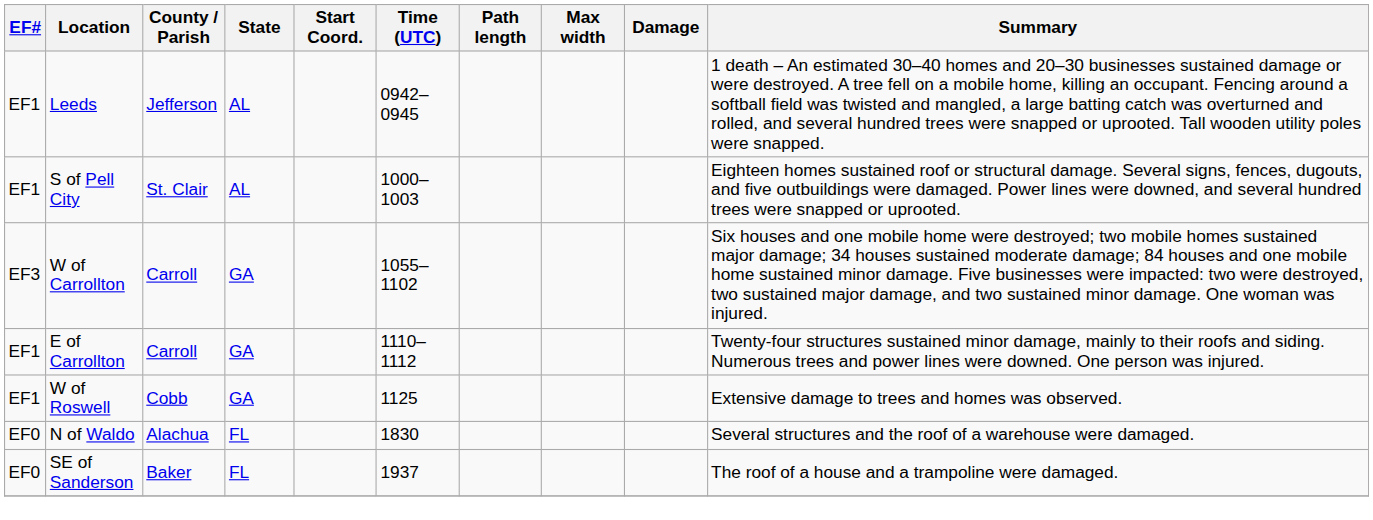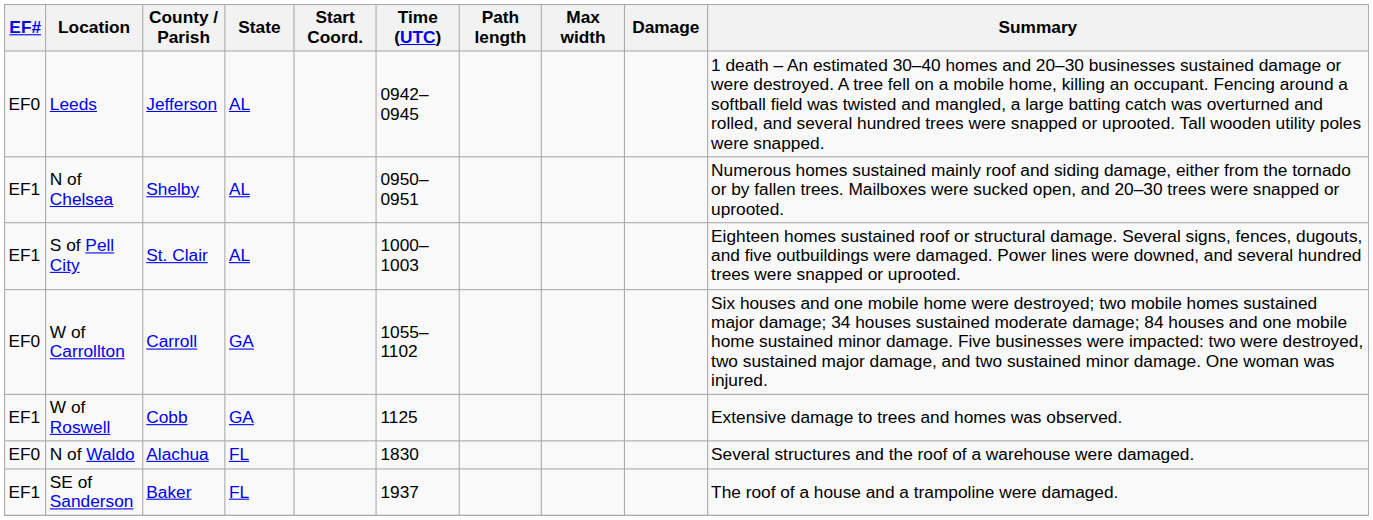 <table class="wikitable sortable" style="width:100%;">
 <tr>
 <th scope="col" width="3%" align="center"><a href='#'>EF#</a></th>
 <th scope="col" width="7%" align="center" class="unsortable">Location</th>
 <th scope="col" width="6%" align="center" class="unsortable">County / Parish</th>
 <th scope="col" width="5%" align="center">State</th>
 <th scope="col" width="6%" align="center">Start Coord.</th>
 <th scope="col" width="6%" align="center">Time (<a href='#'>UTC</a>)</th>
 <th scope="col" width="6%" align="center">Path length</th>
 <th scope="col" width="6%" align="center">Max width</th>
 <th scope="col" width="6%" align="center">Damage</th>
 <th scope="col" width="48%" class="unsortable" align="center">Summary</th>
 </tr>
 <tr>
-<td>EF1</td>
+<td>EF0</td>
 <td><a href='#'>Leeds</a></td>
 <td><a href='#'>Jefferson</a></td>
 <td><a href='#'>AL</a></td>
 <td></td>
 <td>0942–0945</td>
 <td></td>
 <td></td>
 <td></td>
 <td>1 death – An estimated 30–40 homes and 20–30 businesses sustained damage or were destroyed. A tree fell on a mobile home, killing an occupant. Fencing around a softball field was twisted and mangled, a large batting catch was overturned and rolled, and several hundred trees were snapped or uprooted. Tall wooden utility poles were snapped.</td>
+</tr>
+<tr>
+<td>EF1</td>
+<td>N of <a href='#'>Chelsea</a></td>
+<td><a href='#'>Shelby</a></td>
+<td><a href='#'>AL</a></td>
+<td></td>
+<td>0950–0951</td>
+<td></td>
+<td></td>
+<td></td>
+<td>Numerous homes sustained mainly roof and siding damage, either from the tornado or by fallen trees. Mailboxes were sucked open, and 20–30 trees were snapped or uprooted.</td>
 </tr>
 <tr>
 <td>EF1</td>
 <td>S of <a href='#'>Pell City</a></td>
 <td><a href='#'>St. Clair</a></td>
 <td><a href='#'>AL</a></td>
 <td></td>
 <td>1000–1003</td>
 <td></td>
 <td></td>
 <td></td>
 <td>Eighteen homes sustained roof or structural damage. Several signs, fences, dugouts, and five outbuildings were damaged. Power lines were downed, and several hundred trees were snapped or uprooted.</td>
 </tr>
 <tr>
-<td>EF3</td>
+<td>EF0</td>
 <td>W of <a href='#'>Carrollton</a></td>
 <td><a href='#'>Carroll</a></td>
 <td><a href='#'>GA</a></td>
 <td></td>
 <td>1055–1102</td>
 <td></td>
 <td></td>
 <td></td>
 <td>Six houses and one mobile home were destroyed; two mobile homes sustained major damage; 34 houses sustained moderate damage; 84 houses and one mobile home sustained minor damage. Five businesses were impacted: two were destroyed, two sustained major damage, and two sustained minor damage. One woman was injured.</td>
-</tr>
-<tr>
-<td>EF1</td>
-<td>E of <a href='#'>Carrollton</a></td>
-<td><a href='#'>Carroll</a></td>
-<td><a href='#'>GA</a></td>
-<td></td>
-<td>1110–1112</td>
-<td></td>
-<td></td>
-<td></td>
-<td>Twenty-four structures sustained minor damage, mainly to their roofs and siding. Numerous trees and power lines were downed. One person was injured.</td>
 </tr>
 <tr>
 <td>EF1</td>
 <td>W of <a href='#'>Roswell</a></td>
 <td><a href='#'>Cobb</a></td>
 <td><a href='#'>GA</a></td>
 <td></td>
 <td>1125</td>
 <td></td>
 <td></td>
 <td></td>
 <td>Extensive damage to trees and homes was observed.</td>
 </tr>
 <tr>
 <td>EF0</td>
 <td>N of <a href='#'>Waldo</a></td>
 <td><a href='#'>Alachua</a></td>
 <td><a href='#'>FL</a></td>
 <td></td>
 <td>1830</td>
 <td></td>
 <td></td>
 <td></td>
 <td>Several structures and the roof of a warehouse were damaged.</td>
 </tr>
 <tr>
-<td>EF0</td>
+<td>EF1</td>
 <td>SE of <a href='#'>Sanderson</a></td>
 <td><a href='#'>Baker</a></td>
 <td><a href='#'>FL</a></td>
 <td></td>
 <td>1937</td>
 <td></td>
 <td></td>
 <td></td>
 <td>The roof of a house and a trampoline were damaged.</td>
 </tr>
 <tr>
 </tr>
 </table>
